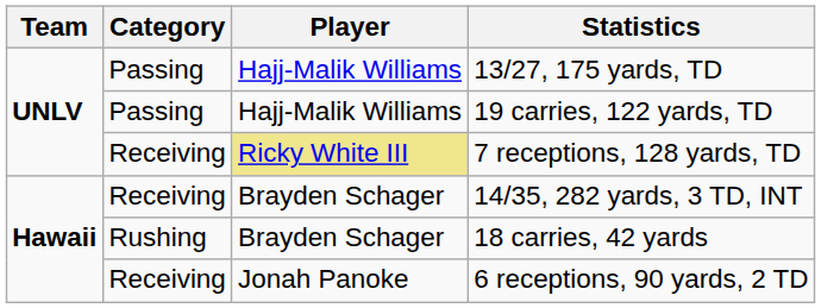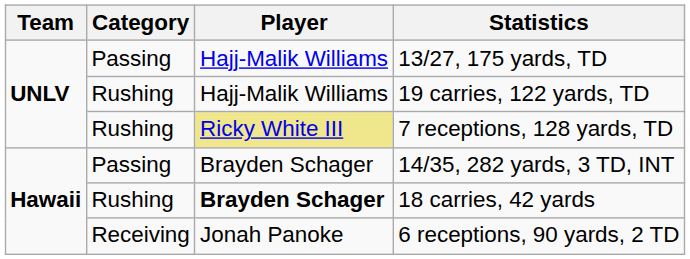 <table class="wikitable" style="float: right;">
 <tr>
 <th>Team</th>
 <th>Category</th>
 <th>Player</th>
 <th>Statistics</th>
 </tr>
 <tr>
 <td rowspan=3><strong>UNLV</strong></td>
 <td>Passing</td>
 <td><a href='#'>Hajj-Malik Williams</a></td>
 <td>13/27, 175 yards, TD</td>
 </tr>
 <tr>
-<td>Passing</td>
+<td>Rushing</td>
 <td>Hajj-Malik Williams</td>
 <td>19 carries, 122 yards, TD</td>
 </tr>
 <tr>
-<td>Receiving</td>
+<td>Rushing</td>
 <td style="background: khaki;"><a href='#'>Ricky White III</a></td>
 <td>7 receptions, 128 yards, TD</td>
 </tr>
 <tr>
 <td rowspan=3><strong>Hawaii</strong></td>
-<td>Receiving</td>
+<td>Passing</td>
 <td>Brayden Schager</td>
 <td>14/35, 282 yards, 3 TD, INT</td>
 </tr>
 <tr>
 <td>Rushing</td>
-<td>Brayden Schager</td>
+<td><strong>Brayden Schager</strong></td>
 <td>18 carries, 42 yards</td>
 </tr>
 <tr>
 <td>Receiving</td>
 <td>Jonah Panoke</td>
 <td>6 receptions, 90 yards, 2 TD</td>
 </tr>
 </table>
